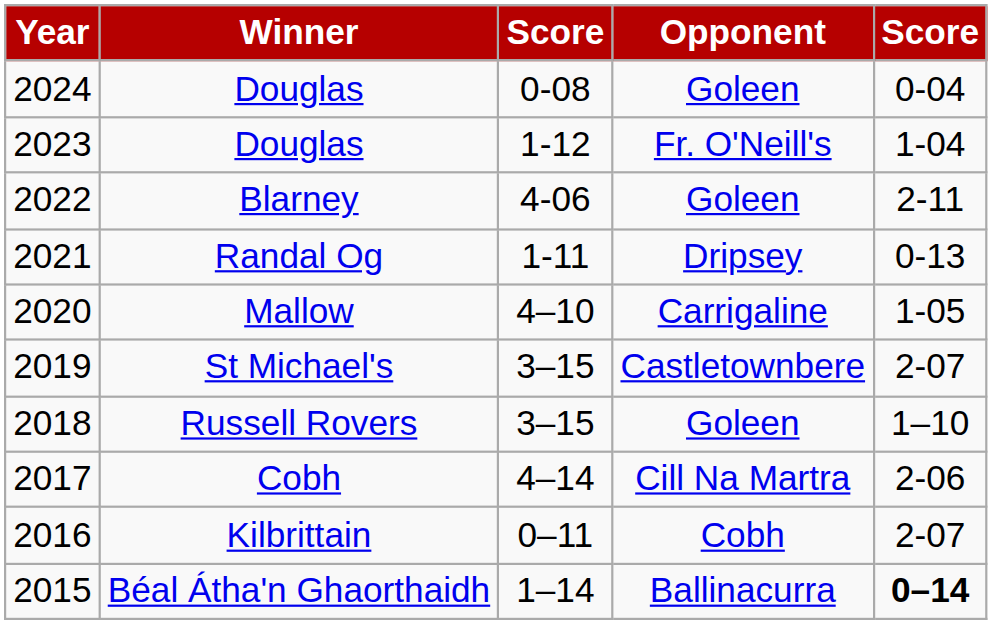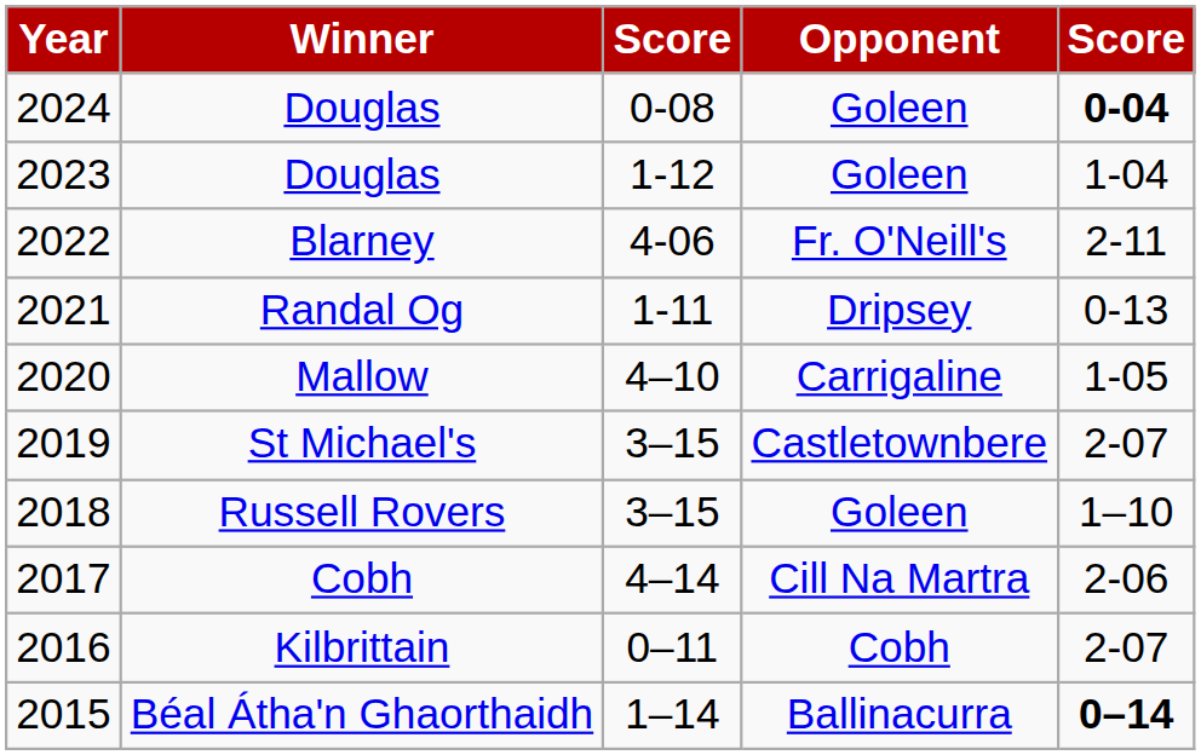 <table class="wikitable" style="text-align:center;">
 <tr>
 <th style="background:#B60000;color:white">Year</th>
 <th style="background:#B60000;color:white">Winner</th>
 <th style="background:#B60000;color:white">Score</th>
 <th style="background:#B60000;color:white">Opponent</th>
 <th style="background:#B60000;color:white">Score</th>
 </tr>
 <tr>
 <td>2024</td>
 <td><a href='#'>Douglas</a></td>
 <td>0-08</td>
 <td><a href='#'>Goleen</a></td>
-<td>0-04</td>
+<td><strong>0-04</strong></td>
 </tr>
 <tr>
 <td>2023</td>
 <td><a href='#'>Douglas</a></td>
 <td>1-12</td>
-<td><a href='#'>Fr. O'Neill's</a></td>
+<td><a href='#'>Goleen</a></td>
 <td>1-04</td>
 </tr>
 <tr>
 <td>2022</td>
 <td><a href='#'>Blarney</a></td>
 <td>4-06</td>
-<td><a href='#'>Goleen</a></td>
+<td><a href='#'>Fr. O'Neill's</a></td>
 <td>2-11</td>
 </tr>
 <tr>
 <td>2021</td>
 <td><a href='#'>Randal Og</a></td>
 <td>1-11</td>
 <td><a href='#'>Dripsey</a></td>
 <td>0-13</td>
 </tr>
 <tr>
 <td>2020</td>
 <td><a href='#'>Mallow</a></td>
 <td>4–10</td>
 <td><a href='#'>Carrigaline</a></td>
 <td>1-05</td>
 </tr>
 <tr>
 <td>2019</td>
 <td><a href='#'>St Michael's</a></td>
 <td>3–15</td>
 <td><a href='#'>Castletownbere</a></td>
 <td>2-07</td>
 </tr>
 <tr>
 <td>2018</td>
 <td><a href='#'>Russell Rovers</a></td>
 <td>3–15</td>
 <td><a href='#'>Goleen</a></td>
 <td>1–10</td>
 </tr>
 <tr>
 <td>2017</td>
 <td><a href='#'>Cobh</a></td>
 <td>4–14</td>
 <td><a href='#'>Cill Na Martra</a></td>
 <td>2-06</td>
 </tr>
 <tr>
 <td>2016</td>
 <td><a href='#'>Kilbrittain</a></td>
 <td>0–11</td>
 <td><a href='#'>Cobh</a></td>
 <td>2-07</td>
 </tr>
 <tr>
 <td>2015</td>
 <td><a href='#'>Béal Átha'n Ghaorthaidh</a></td>
 <td>1–14</td>
 <td><a href='#'>Ballinacurra</a></td>
 <td><strong>0–14</strong></td>
 </tr>
 </table>
